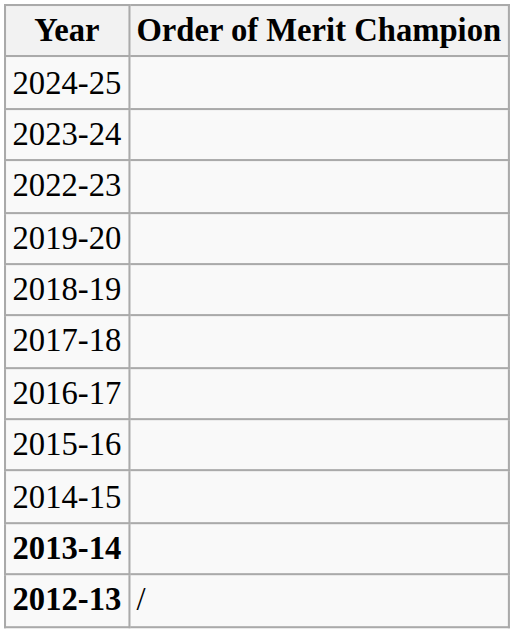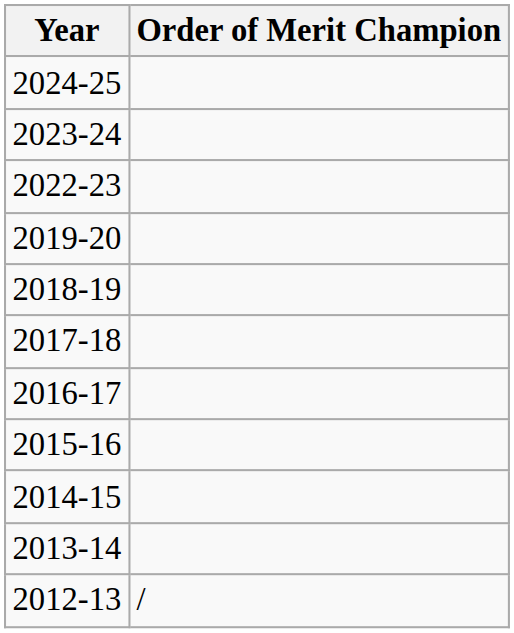 <table class="wikitable">
 <tr>
 <th>Year</th>
 <th>Order of Merit Champion</th>
 </tr>
 <tr>
 <td>2024-25</td>
 <td></td>
 </tr>
 <tr>
 <td>2023-24</td>
 <td></td>
 </tr>
 <tr>
 <td>2022-23</td>
 <td></td>
 </tr>
 <tr>
 <td>2019-20</td>
 <td></td>
 </tr>
 <tr>
 <td>2018-19</td>
 <td></td>
 </tr>
 <tr>
 <td>2017-18</td>
 <td></td>
 </tr>
 <tr>
 <td>2016-17</td>
 <td></td>
 </tr>
 <tr>
 <td>2015-16</td>
 <td></td>
 </tr>
 <tr>
 <td>2014-15</td>
 <td></td>
 </tr>
 <tr>
-<td><strong>2013-14</strong></td>
+<td>2013-14</td>
 <td></td>
 </tr>
 <tr>
-<td><strong>2012-13</strong></td>
+<td>2012-13</td>
 <td> / </td>
 </tr>
 </table>
